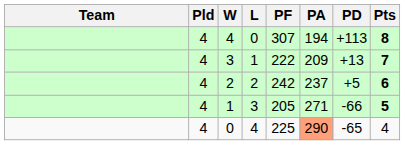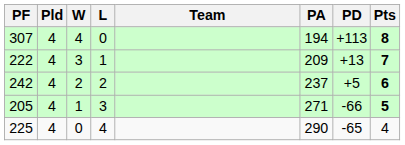 <table class="wikitable" style="text-align:center;">
 <tr>
-<th width=200>Team</th>
+<th width=30>PF</th>
 <th width=20>Pld</th>
 <th width=20>W</th>
 <th width=20>L</th>
-<th width=30>PF</th>
+<th width=200>Team</th>
 <th width=30>PA</th>
 <th width=30>PD</th>
 <th width=20>Pts</th>
 </tr>
 <tr bgcolor=ccffcc>
-<td align=left></td>
+<td>307</td>
 <td>4</td>
 <td>4</td>
 <td>0</td>
-<td>307</td>
+<td align=left></td>
 <td>194</td>
 <td>+113</td>
 <td><strong>8</strong></td>
 </tr>
 <tr bgcolor=ccffcc>
-<td align=left></td>
+<td>222</td>
 <td>4</td>
 <td>3</td>
 <td>1</td>
-<td>222</td>
+<td align=left></td>
 <td>209</td>
 <td>+13</td>
 <td><strong>7</strong></td>
 </tr>
 <tr bgcolor=ccffcc>
-<td align=left></td>
+<td>242</td>
 <td>4</td>
 <td>2</td>
 <td>2</td>
-<td>242</td>
+<td align=left></td>
 <td>237</td>
 <td>+5</td>
 <td><strong>6</strong></td>
 </tr>
 <tr bgcolor=ccffcc>
-<td align=left></td>
+<td>205</td>
 <td>4</td>
 <td>1</td>
 <td>3</td>
-<td>205</td>
+<td align=left></td>
 <td>271</td>
 <td>-66</td>
 <td><strong>5</strong></td>
 </tr>
 <tr>
-<td align=left></td>
+<td>225</td>
 <td>4</td>
 <td>0</td>
 <td>4</td>
-<td>225</td>
-<td style="background: lightsalmon;">290</td>
+<td align=left></td>
+<td>290</td>
 <td>-65</td>
 <td>4</td>
 </tr>
 </table>
